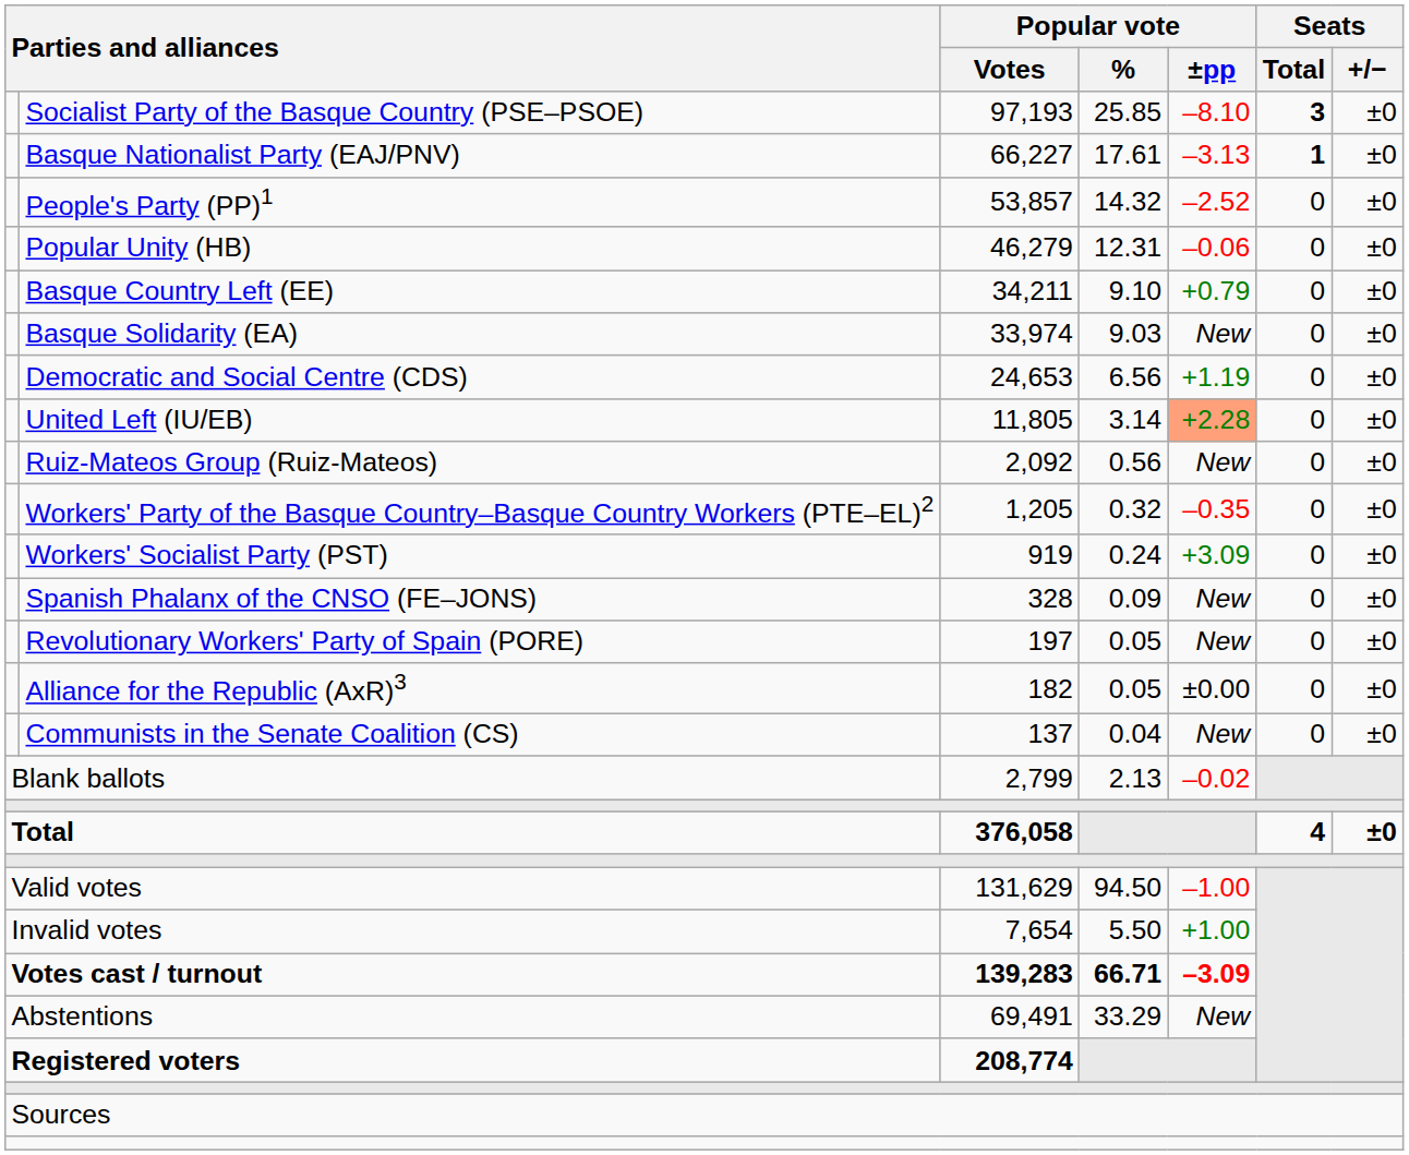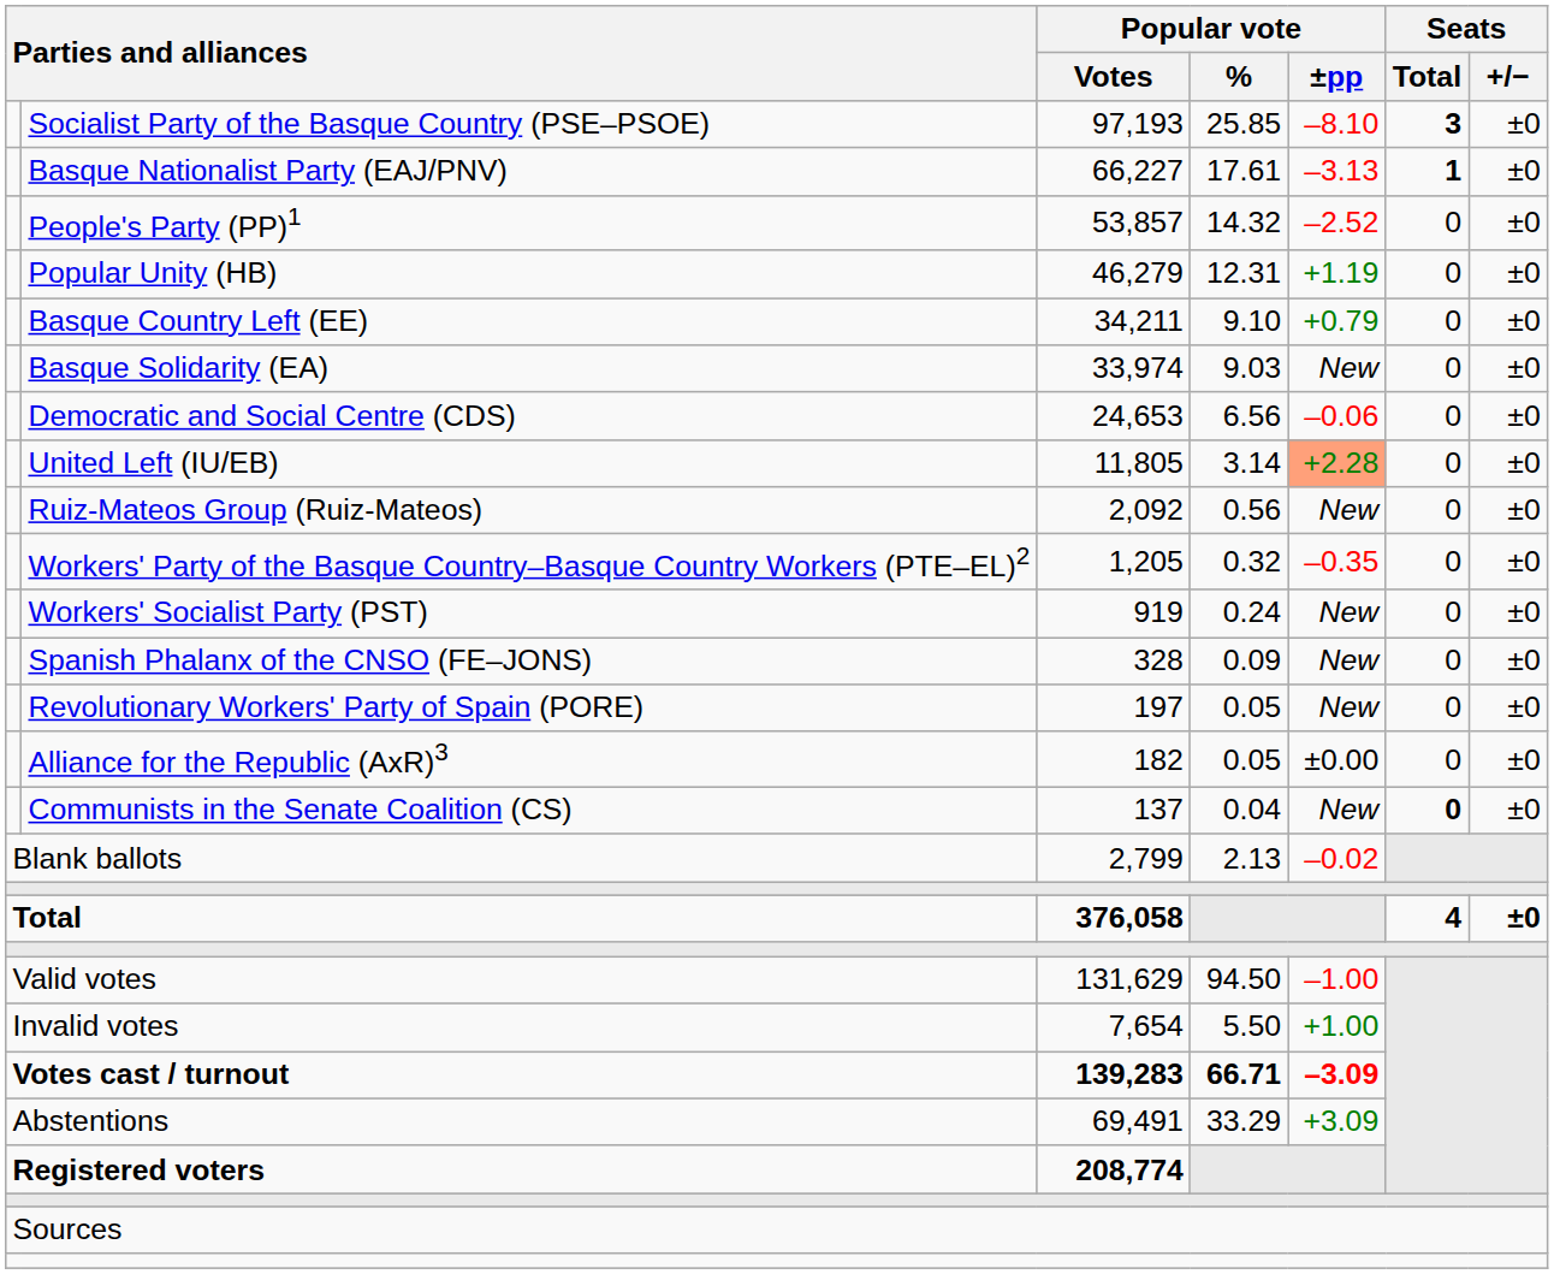 <table class="wikitable" style="text-align:right;">
 <tr>
 <th style="text-align:left;" rowspan="2" colspan="2" width="525">Parties and alliances</th>
 <th colspan="3">Popular vote</th>
 <th colspan="2">Seats</th>
 </tr>
 <tr>
 <th width="75">Votes</th>
 <th width="45">%</th>
 <th width="45">±<a href='#'>pp</a></th>
 <th width="35">Total</th>
 <th width="35">+/−</th>
 </tr>
 <tr>
 <td width="1" style="color:inherit;background:"></td>
 <td align="left"><a href='#'>Socialist Party of the Basque Country</a> (PSE–PSOE)</td>
 <td>97,193</td>
 <td>25.85</td>
 <td style="color:red;">–8.10</td>
 <td><strong>3</strong></td>
 <td>±0</td>
 </tr>
 <tr>
 <td style="color:inherit;background:"></td>
 <td align="left"><a href='#'>Basque Nationalist Party</a> (EAJ/PNV)</td>
 <td>66,227</td>
 <td>17.61</td>
 <td style="color:red;">–3.13</td>
 <td><strong>1</strong></td>
 <td>±0</td>
 </tr>
 <tr>
 <td style="color:inherit;background:"></td>
 <td align="left"><a href='#'>People's Party</a> (PP)<sup>1</sup></td>
 <td>53,857</td>
 <td>14.32</td>
 <td style="color:red;">–2.52</td>
 <td>0</td>
 <td>±0</td>
 </tr>
 <tr>
 <td style="color:inherit;background:"></td>
 <td align="left"><a href='#'>Popular Unity</a> (HB)</td>
 <td>46,279</td>
 <td>12.31</td>
-<td style="color:red;">–0.06</td>
+<td style="color:green;">+1.19</td>
 <td>0</td>
 <td>±0</td>
 </tr>
 <tr>
 <td style="color:inherit;background:"></td>
 <td align="left"><a href='#'>Basque Country Left</a> (EE)</td>
 <td>34,211</td>
 <td>9.10</td>
 <td style="color:green;">+0.79</td>
 <td>0</td>
 <td>±0</td>
 </tr>
 <tr>
 <td style="color:inherit;background:"></td>
 <td align="left"><a href='#'>Basque Solidarity</a> (EA)</td>
 <td>33,974</td>
 <td>9.03</td>
 <td><em>New</em></td>
 <td>0</td>
 <td>±0</td>
 </tr>
 <tr>
 <td style="color:inherit;background:"></td>
 <td align="left"><a href='#'>Democratic and Social Centre</a> (CDS)</td>
 <td>24,653</td>
 <td>6.56</td>
-<td style="color:green;">+1.19</td>
+<td style="color:red;">–0.06</td>
 <td>0</td>
 <td>±0</td>
 </tr>
 <tr>
 <td style="color:inherit;background:"></td>
 <td align="left"><a href='#'>United Left</a> (IU/EB)</td>
 <td>11,805</td>
 <td>3.14</td>
 <td style="background: lightsalmon; color:green;">+2.28</td>
 <td>0</td>
 <td>±0</td>
 </tr>
 <tr>
 <td style="color:inherit;background:"></td>
 <td align="left"><a href='#'>Ruiz-Mateos Group</a> (Ruiz-Mateos)</td>
 <td>2,092</td>
 <td>0.56</td>
 <td><em>New</em></td>
 <td>0</td>
 <td>±0</td>
 </tr>
 <tr>
 <td style="color:inherit;background:"></td>
 <td align="left"><a href='#'>Workers' Party of the Basque Country–Basque Country Workers</a> (PTE–EL)<sup>2</sup></td>
 <td>1,205</td>
 <td>0.32</td>
 <td style="color:red;">–0.35</td>
 <td>0</td>
 <td>±0</td>
 </tr>
 <tr>
 <td style="color:inherit;background:"></td>
 <td align="left"><a href='#'>Workers' Socialist Party</a> (PST)</td>
 <td>919</td>
 <td>0.24</td>
-<td style="color:green;">+3.09</td>
+<td><em>New</em></td>
 <td>0</td>
 <td>±0</td>
 </tr>
 <tr>
 <td style="color:inherit;background:"></td>
 <td align="left"><a href='#'>Spanish Phalanx of the CNSO</a> (FE–JONS)</td>
 <td>328</td>
 <td>0.09</td>
 <td><em>New</em></td>
 <td>0</td>
 <td>±0</td>
 </tr>
 <tr>
 <td style="color:inherit;background:"></td>
 <td align="left"><a href='#'>Revolutionary Workers' Party of Spain</a> (PORE)</td>
 <td>197</td>
 <td>0.05</td>
 <td><em>New</em></td>
 <td>0</td>
 <td>±0</td>
 </tr>
 <tr>
 <td style="color:inherit;background:"></td>
 <td align="left"><a href='#'>Alliance for the Republic</a> (AxR)<sup>3</sup></td>
 <td>182</td>
 <td>0.05</td>
 <td>±0.00</td>
 <td>0</td>
 <td>±0</td>
 </tr>
 <tr>
 <td style="color:inherit;background:"></td>
 <td align="left"><a href='#'>Communists in the Senate Coalition</a> (CS)</td>
 <td>137</td>
 <td>0.04</td>
 <td><em>New</em></td>
-<td>0</td>
+<td><strong>0</strong></td>
 <td>±0</td>
 </tr>
 <tr>
 <td align="left" colspan="2">Blank ballots</td>
 <td>2,799</td>
 <td>2.13</td>
 <td style="color:red;">–0.02</td>
 <td bgcolor="#E9E9E9" colspan="2"></td>
 </tr>
 <tr>
 <td colspan="7" bgcolor="#E9E9E9"></td>
 </tr>
 <tr style="font-weight:bold;">
 <td align="left" colspan="2">Total</td>
 <td>376,058</td>
 <td bgcolor="#E9E9E9" colspan="2"></td>
 <td>4</td>
 <td>±0</td>
 </tr>
 <tr>
 <td colspan="7" bgcolor="#E9E9E9"></td>
 </tr>
 <tr>
 <td align="left" colspan="2">Valid votes</td>
 <td>131,629</td>
 <td>94.50</td>
 <td style="color:red;">–1.00</td>
 <td bgcolor="#E9E9E9" colspan="2" rowspan="5"></td>
 </tr>
 <tr>
 <td align="left" colspan="2">Invalid votes</td>
 <td>7,654</td>
 <td>5.50</td>
 <td style="color:green;">+1.00</td>
 </tr>
 <tr style="font-weight:bold;">
 <td align="left" colspan="2">Votes cast / turnout</td>
 <td>139,283</td>
 <td>66.71</td>
 <td style="color:red;">–3.09</td>
 </tr>
 <tr>
 <td align="left" colspan="2">Abstentions</td>
 <td>69,491</td>
 <td>33.29</td>
-<td><em>New</em></td>
+<td style="color:green;">+3.09</td>
 </tr>
 <tr style="font-weight:bold;">
 <td align="left" colspan="2">Registered voters</td>
 <td>208,774</td>
 <td bgcolor="#E9E9E9" colspan="2"></td>
 </tr>
 <tr>
 <td colspan="7" bgcolor="#E9E9E9"></td>
 </tr>
 <tr>
 <td align="left" colspan="7">Sources</td>
 </tr>
 <tr>
 <td colspan="7" style="text-align:left; max-width:790px;"></td>
 </tr>
 </table>
